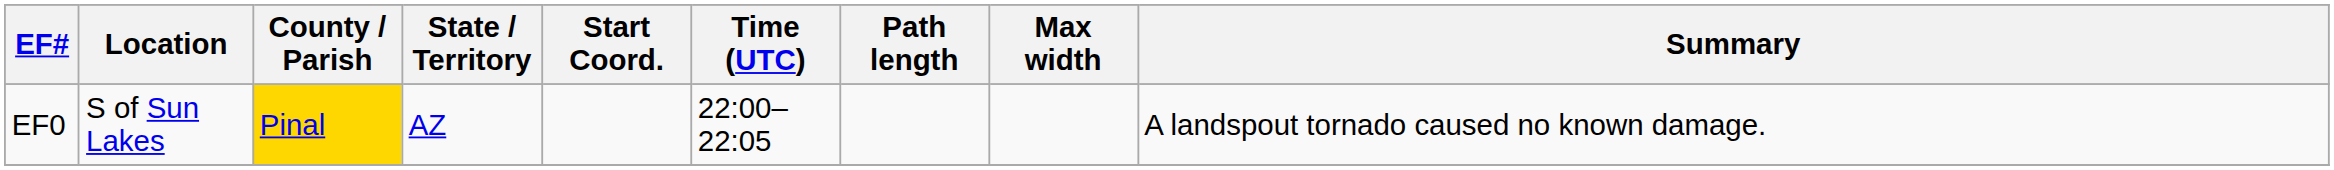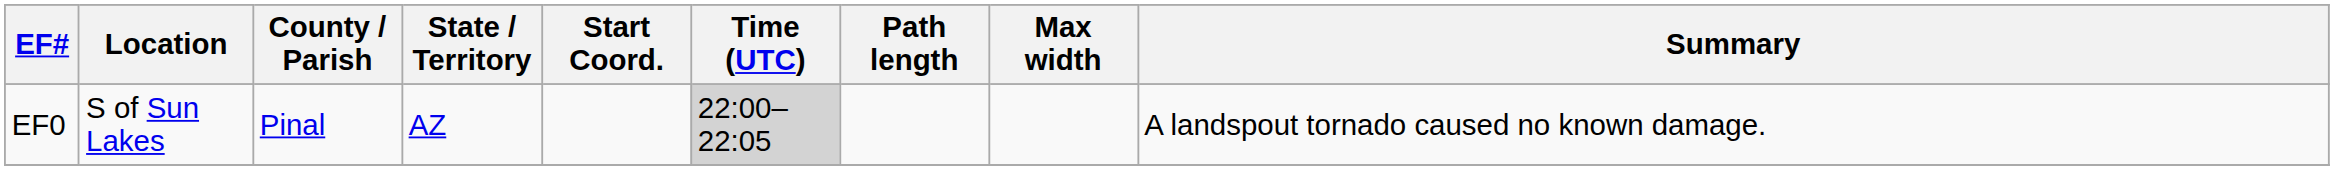 <table class="wikitable sortable" style="width:100%;">
 <tr>
 <th scope="col"  style="width:3%; text-align:center;"><a href='#'>EF#</a></th>
 <th scope="col"  style="width:7%; text-align:center;" class="unsortable">Location</th>
 <th scope="col"  style="width:6%; text-align:center;" class="unsortable">County / Parish</th>
 <th scope="col"  style="width:5%; text-align:center;">State / Territory</th>
 <th scope="col"  style="width:6%; text-align:center;">Start Coord.</th>
 <th scope="col"  style="width:6%; text-align:center;">Time (<a href='#'>UTC</a>)</th>
 <th scope="col"  style="width:6%; text-align:center;">Path length</th>
 <th scope="col"  style="width:6%; text-align:center;">Max width</th>
 <th scope="col" class="unsortable" style="width:48%; text-align:center;">Summary</th>
 </tr>
 <tr>
 <td>EF0</td>
 <td>S of <a href='#'>Sun Lakes</a></td>
-<td style="background: gold;"><a href='#'>Pinal</a></td>
+<td><a href='#'>Pinal</a></td>
 <td><a href='#'>AZ</a></td>
 <td></td>
-<td>22:00–22:05</td>
+<td style="background: lightgrey;">22:00–22:05</td>
 <td></td>
 <td></td>
 <td>A landspout tornado caused no known damage.</td>
 </tr>
 <tr>
 </tr>
 </table>
